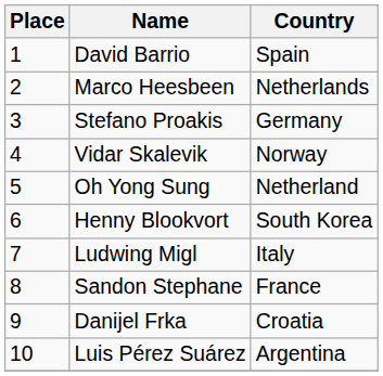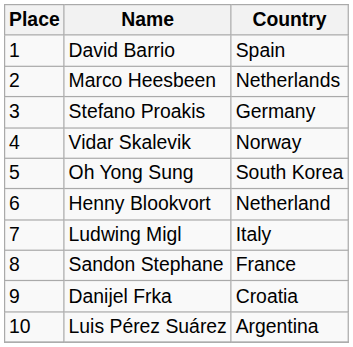 <table class="wikitable">
 <tr>
 <th>Place</th>
 <th>Name</th>
 <th>Country</th>
 </tr>
 <tr>
 <td>1</td>
 <td>David Barrio</td>
 <td> Spain</td>
 </tr>
 <tr>
 <td>2</td>
 <td>Marco Heesbeen</td>
 <td> Netherlands</td>
 </tr>
 <tr>
 <td>3</td>
 <td>Stefano Proakis</td>
 <td> Germany</td>
 </tr>
 <tr>
 <td>4</td>
 <td>Vidar Skalevik</td>
 <td> Norway</td>
 </tr>
 <tr>
 <td>5</td>
 <td>Oh Yong Sung</td>
-<td> Netherland</td>
+<td> South Korea</td>
 </tr>
 <tr>
 <td>6</td>
 <td>Henny Blookvort</td>
-<td> South Korea</td>
+<td> Netherland</td>
 </tr>
 <tr>
 <td>7</td>
 <td>Ludwing Migl</td>
 <td> Italy</td>
 </tr>
 <tr>
 <td>8</td>
 <td>Sandon Stephane</td>
 <td> France</td>
 </tr>
 <tr>
 <td>9</td>
 <td>Danijel Frka</td>
 <td> Croatia</td>
 </tr>
 <tr>
 <td>10</td>
 <td>Luis Pérez Suárez</td>
 <td> Argentina</td>
 </tr>
 <tr>
 </tr>
 </table>
